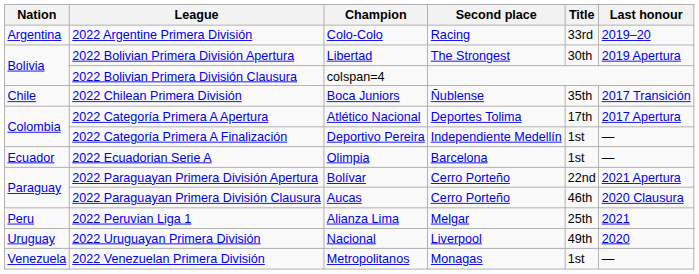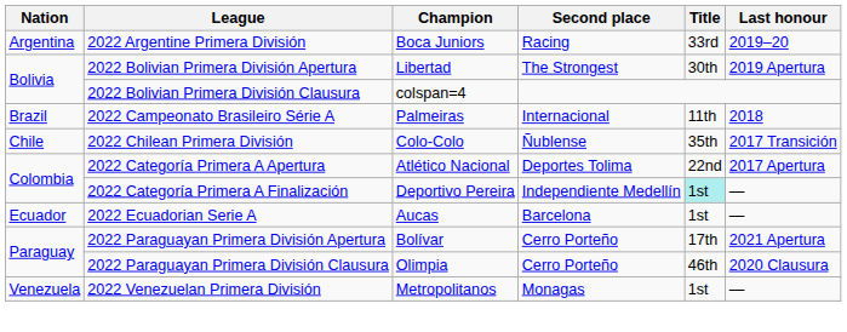 <table class=wikitable style="font-size:14px">
 <tr>
 <th>Nation</th>
 <th>League</th>
 <th>Champion</th>
 <th>Second place</th>
 <th data-sort-type="number">Title</th>
 <th>Last honour</th>
 </tr>
 <tr>
 <td align=left> <a href='#'>Argentina</a></td>
 <td align=left><a href='#'>2022 Argentine Primera División</a></td>
-<td><a href='#'>Colo-Colo</a></td>
+<td><a href='#'>Boca Juniors</a></td>
 <td><a href='#'>Racing</a></td>
 <td>33rd</td>
 <td><a href='#'>2019–20</a></td>
 </tr>
 <tr>
 <td align=left rowspan=2> <a href='#'>Bolivia</a></td>
 <td align=left><a href='#'>2022 Bolivian Primera División Apertura</a></td>
 <td><a href='#'>Libertad</a></td>
 <td><a href='#'>The Strongest</a></td>
 <td>30th</td>
 <td><a href='#'>2019 Apertura</a></td>
 </tr>
 <tr>
 <td align=left><a href='#'>2022 Bolivian Primera División Clausura</a></td>
 <td>colspan=4 </td>
 </tr>
 <tr>
+<td align=left> <a href='#'>Brazil</a></td>
+<td align=left><a href='#'>2022 Campeonato Brasileiro Série A</a></td>
+<td><a href='#'>Palmeiras</a></td>
+<td><a href='#'>Internacional</a></td>
+<td>11th</td>
+<td><a href='#'>2018</a></td>
+</tr>
+<tr>
 <td align=left> <a href='#'>Chile</a></td>
 <td align=left><a href='#'>2022 Chilean Primera División</a></td>
-<td><a href='#'>Boca Juniors</a></td>
+<td><a href='#'>Colo-Colo</a></td>
 <td><a href='#'>Ñublense</a></td>
 <td>35th</td>
 <td><a href='#'>2017 Transición</a></td>
 </tr>
 <tr>
 <td align=left rowspan=2> <a href='#'>Colombia</a></td>
 <td align=left><a href='#'>2022 Categoría Primera A Apertura</a></td>
 <td><a href='#'>Atlético Nacional</a></td>
 <td><a href='#'>Deportes Tolima</a></td>
-<td>17th</td>
+<td>22nd</td>
 <td><a href='#'>2017 Apertura</a></td>
 </tr>
 <tr>
 <td align=left><a href='#'>2022 Categoría Primera A Finalización</a></td>
 <td><a href='#'>Deportivo Pereira</a></td>
 <td><a href='#'>Independiente Medellín</a></td>
-<td>1st</td>
+<td style="background: paleturquoise;">1st</td>
 <td>—</td>
 </tr>
 <tr>
 <td align=left> <a href='#'>Ecuador</a></td>
 <td align=left><a href='#'>2022 Ecuadorian Serie A</a></td>
-<td><a href='#'>Olimpia</a></td>
+<td><a href='#'>Aucas</a></td>
 <td><a href='#'>Barcelona</a></td>
 <td>1st</td>
 <td>—</td>
 </tr>
 <tr>
 <td align=left rowspan=2> <a href='#'>Paraguay</a></td>
 <td align=left><a href='#'>2022 Paraguayan Primera División Apertura</a></td>
 <td><a href='#'>Bolívar</a></td>
 <td><a href='#'>Cerro Porteño</a></td>
-<td>22nd</td>
+<td>17th</td>
 <td><a href='#'>2021 Apertura</a></td>
 </tr>
 <tr>
 <td align=left><a href='#'>2022 Paraguayan Primera División Clausura</a></td>
-<td><a href='#'>Aucas</a></td>
+<td><a href='#'>Olimpia</a></td>
 <td><a href='#'>Cerro Porteño</a></td>
 <td>46th</td>
 <td><a href='#'>2020 Clausura</a></td>
-</tr>
-<tr>
-<td align=left> <a href='#'>Peru</a></td>
-<td align=left><a href='#'>2022 Peruvian Liga 1</a></td>
-<td><a href='#'>Alianza Lima</a></td>
-<td><a href='#'>Melgar</a></td>
-<td>25th</td>
-<td><a href='#'>2021</a></td>
-</tr>
-<tr>
-<td align=left> <a href='#'>Uruguay</a></td>
-<td align=left><a href='#'>2022 Uruguayan Primera División</a></td>
-<td><a href='#'>Nacional</a></td>
-<td><a href='#'>Liverpool</a></td>
-<td>49th</td>
-<td><a href='#'>2020</a></td>
 </tr>
 <tr>
 <td align=left> <a href='#'>Venezuela</a></td>
 <td align=left><a href='#'>2022 Venezuelan Primera División</a></td>
 <td><a href='#'>Metropolitanos</a></td>
 <td><a href='#'>Monagas</a></td>
 <td>1st</td>
 <td>—</td>
 </tr>
 </table>
